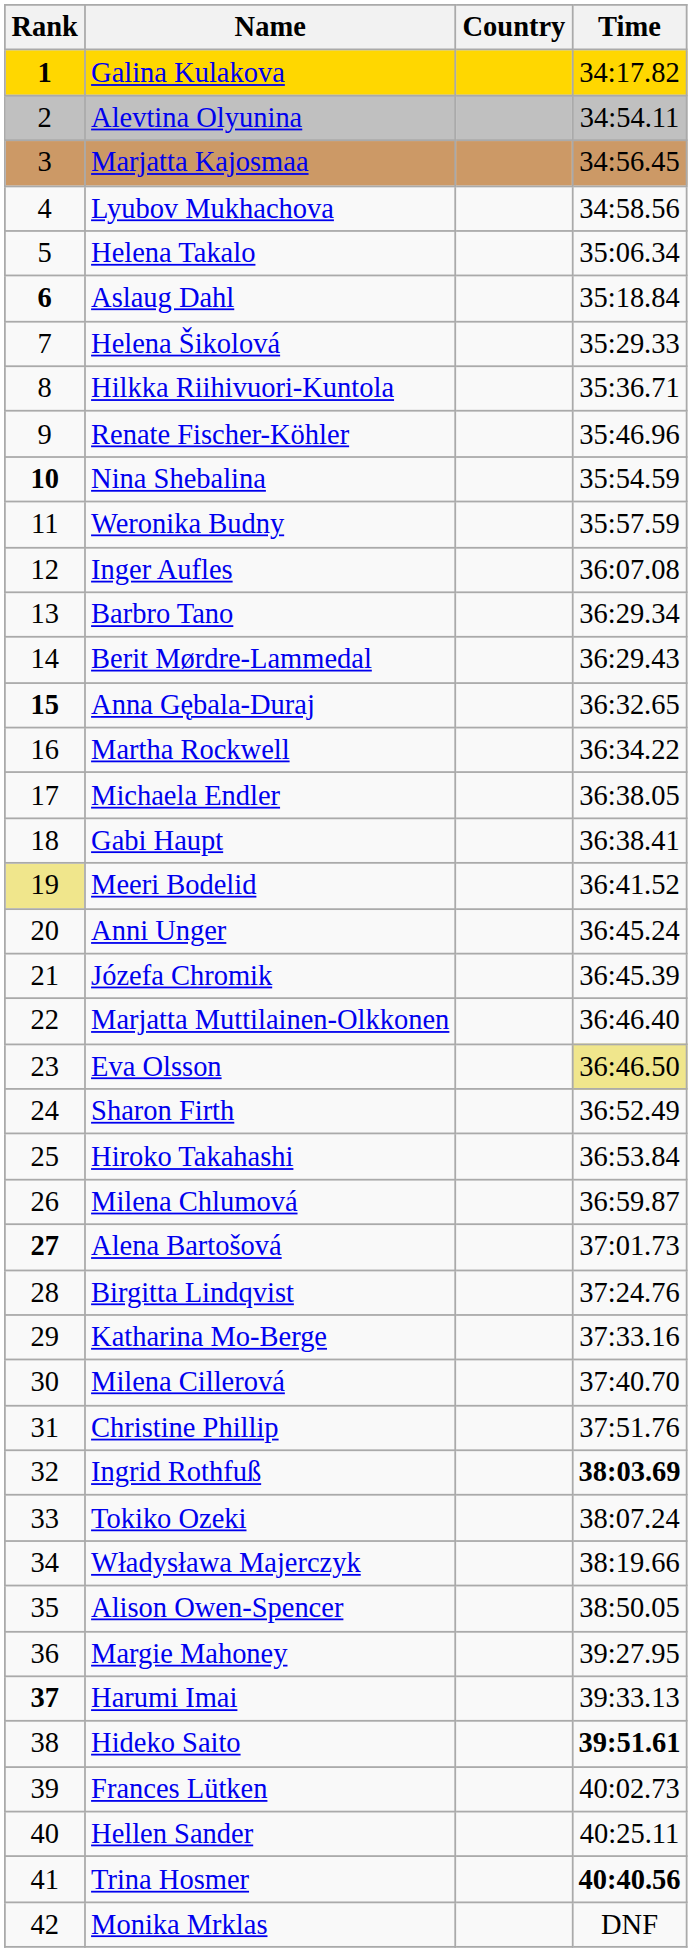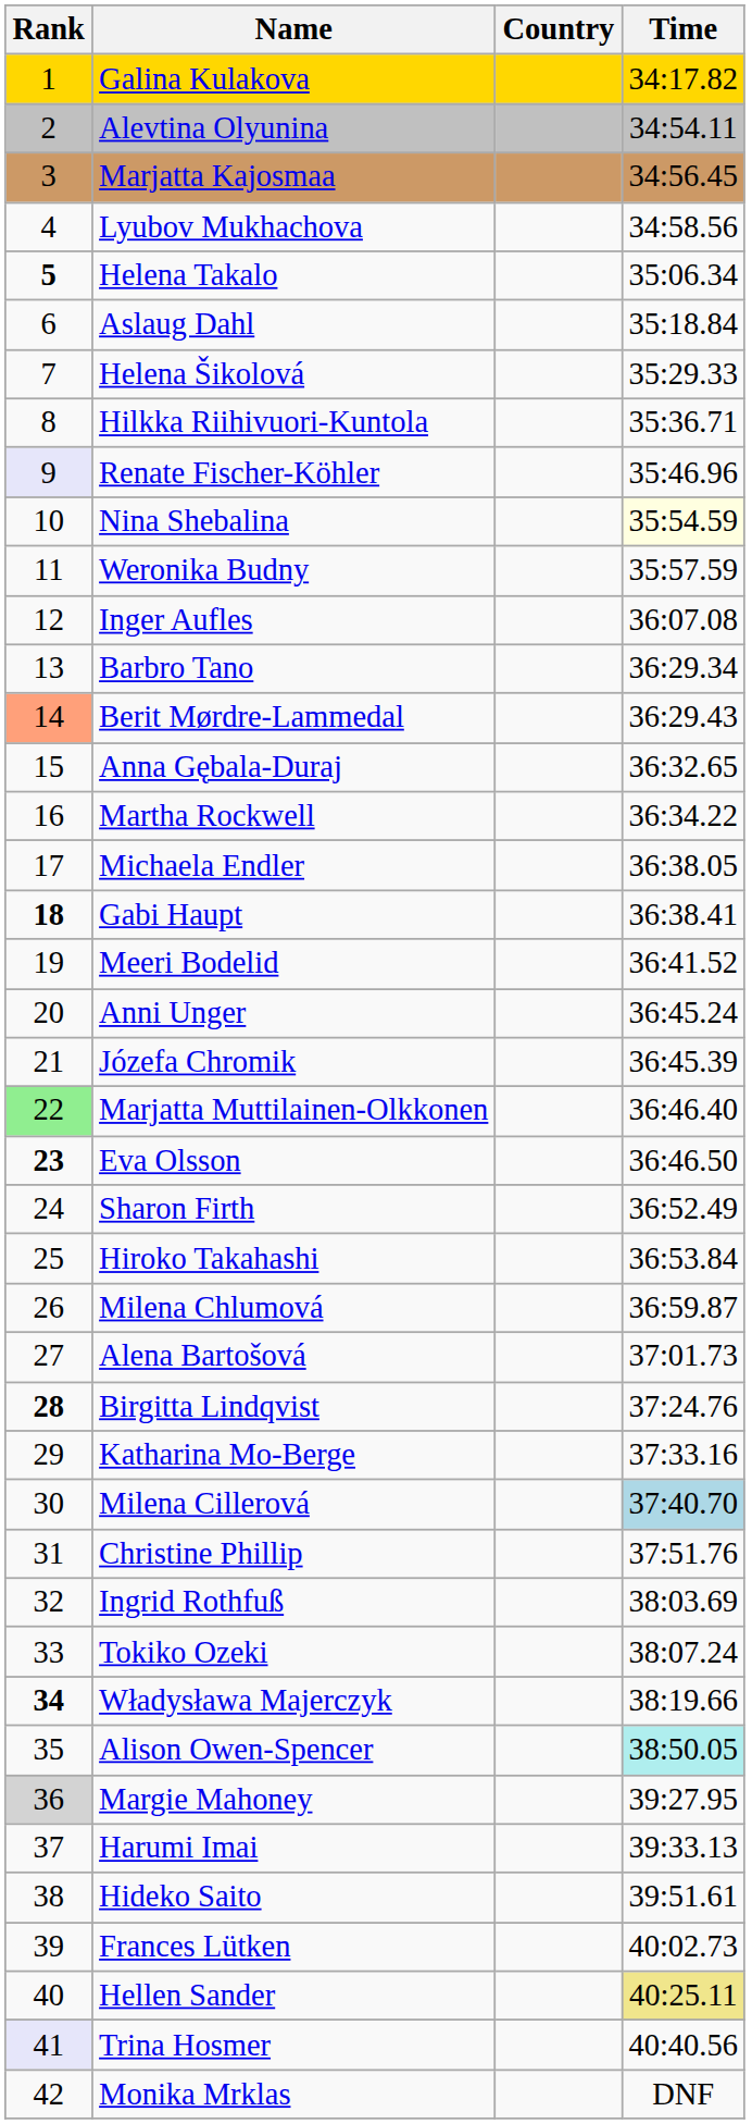 <table class="wikitable sortable" style="text-align:center">
 <tr>
 <th>Rank</th>
 <th>Name</th>
 <th>Country</th>
 <th>Time</th>
 </tr>
 <tr bgcolor=gold>
-<td><strong>1</strong></td>
+<td>1</td>
 <td align="left"><a href='#'>Galina Kulakova</a></td>
 <td align="left"></td>
 <td>34:17.82</td>
 </tr>
 <tr bgcolor=silver>
 <td>2</td>
 <td align="left"><a href='#'>Alevtina Olyunina</a></td>
 <td align="left"></td>
 <td>34:54.11</td>
 </tr>
 <tr bgcolor=#CC9966>
 <td>3</td>
 <td align="left"><a href='#'>Marjatta Kajosmaa</a></td>
 <td align="left"></td>
 <td>34:56.45</td>
 </tr>
 <tr>
 <td>4</td>
 <td align="left"><a href='#'>Lyubov Mukhachova</a></td>
 <td align="left"></td>
 <td>34:58.56</td>
 </tr>
 <tr>
-<td>5</td>
+<td><strong>5</strong></td>
 <td align="left"><a href='#'>Helena Takalo</a></td>
 <td align="left"></td>
 <td>35:06.34</td>
 </tr>
 <tr>
-<td><strong>6</strong></td>
+<td>6</td>
 <td align="left"><a href='#'>Aslaug Dahl</a></td>
 <td align="left"></td>
 <td>35:18.84</td>
 </tr>
 <tr>
 <td>7</td>
 <td align="left"><a href='#'>Helena Šikolová</a></td>
 <td align="left"></td>
 <td>35:29.33</td>
 </tr>
 <tr>
 <td>8</td>
 <td align="left"><a href='#'>Hilkka Riihivuori-Kuntola</a></td>
 <td align="left"></td>
 <td>35:36.71</td>
 </tr>
 <tr>
-<td>9</td>
+<td style="background: lavender;">9</td>
 <td align="left"><a href='#'>Renate Fischer-Köhler</a></td>
 <td align="left"></td>
 <td>35:46.96</td>
 </tr>
 <tr>
-<td><strong>10</strong></td>
+<td>10</td>
 <td align="left"><a href='#'>Nina Shebalina</a></td>
 <td align="left"></td>
-<td>35:54.59</td>
+<td style="background: lightyellow;">35:54.59</td>
 </tr>
 <tr>
 <td>11</td>
 <td align="left"><a href='#'>Weronika Budny</a></td>
 <td align="left"></td>
 <td>35:57.59</td>
 </tr>
 <tr>
 <td>12</td>
 <td align="left"><a href='#'>Inger Aufles</a></td>
 <td align="left"></td>
 <td>36:07.08</td>
 </tr>
 <tr>
 <td>13</td>
 <td align="left"><a href='#'>Barbro Tano</a></td>
 <td align="left"></td>
 <td>36:29.34</td>
 </tr>
 <tr>
-<td>14</td>
+<td style="background: lightsalmon;">14</td>
 <td align="left"><a href='#'>Berit Mørdre-Lammedal</a></td>
 <td align="left"></td>
 <td>36:29.43</td>
 </tr>
 <tr>
-<td><strong>15</strong></td>
+<td>15</td>
 <td align="left"><a href='#'>Anna Gębala-Duraj</a></td>
 <td align="left"></td>
 <td>36:32.65</td>
 </tr>
 <tr>
 <td>16</td>
 <td align="left"><a href='#'>Martha Rockwell</a></td>
 <td align="left"></td>
 <td>36:34.22</td>
 </tr>
 <tr>
 <td>17</td>
 <td align="left"><a href='#'>Michaela Endler</a></td>
 <td align="left"></td>
 <td>36:38.05</td>
 </tr>
 <tr>
-<td>18</td>
+<td><strong>18</strong></td>
 <td align="left"><a href='#'>Gabi Haupt</a></td>
 <td align="left"></td>
 <td>36:38.41</td>
 </tr>
 <tr>
-<td style="background: khaki;">19</td>
+<td>19</td>
 <td align="left"><a href='#'>Meeri Bodelid</a></td>
 <td align="left"></td>
 <td>36:41.52</td>
 </tr>
 <tr>
 <td>20</td>
 <td align="left"><a href='#'>Anni Unger</a></td>
 <td align="left"></td>
 <td>36:45.24</td>
 </tr>
 <tr>
 <td>21</td>
 <td align="left"><a href='#'>Józefa Chromik</a></td>
 <td align="left"></td>
 <td>36:45.39</td>
 </tr>
 <tr>
-<td>22</td>
+<td style="background: lightgreen;">22</td>
 <td align="left"><a href='#'>Marjatta Muttilainen-Olkkonen</a></td>
 <td align="left"></td>
 <td>36:46.40</td>
 </tr>
 <tr>
-<td>23</td>
+<td><strong>23</strong></td>
 <td align="left"><a href='#'>Eva Olsson</a></td>
 <td align="left"></td>
-<td style="background: khaki;">36:46.50</td>
+<td>36:46.50</td>
 </tr>
 <tr>
 <td>24</td>
 <td align="left"><a href='#'>Sharon Firth</a></td>
 <td align="left"></td>
 <td>36:52.49</td>
 </tr>
 <tr>
 <td>25</td>
 <td align="left"><a href='#'>Hiroko Takahashi</a></td>
 <td align="left"></td>
 <td>36:53.84</td>
 </tr>
 <tr>
 <td>26</td>
 <td align="left"><a href='#'>Milena Chlumová</a></td>
 <td align="left"></td>
 <td>36:59.87</td>
 </tr>
 <tr>
-<td><strong>27</strong></td>
+<td>27</td>
 <td align="left"><a href='#'>Alena Bartošová</a></td>
 <td align="left"></td>
 <td>37:01.73</td>
 </tr>
 <tr>
-<td>28</td>
+<td><strong>28</strong></td>
 <td align="left"><a href='#'>Birgitta Lindqvist</a></td>
 <td align="left"></td>
 <td>37:24.76</td>
 </tr>
 <tr>
 <td>29</td>
 <td align="left"><a href='#'>Katharina Mo-Berge</a></td>
 <td align="left"></td>
 <td>37:33.16</td>
 </tr>
 <tr>
 <td>30</td>
 <td align="left"><a href='#'>Milena Cillerová</a></td>
 <td align="left"></td>
-<td>37:40.70</td>
+<td style="background: lightblue;">37:40.70</td>
 </tr>
 <tr>
 <td>31</td>
 <td align="left"><a href='#'>Christine Phillip</a></td>
 <td align="left"></td>
 <td>37:51.76</td>
 </tr>
 <tr>
 <td>32</td>
 <td align="left"><a href='#'>Ingrid Rothfuß</a></td>
 <td align="left"></td>
-<td><strong>38:03.69</strong></td>
+<td>38:03.69</td>
 </tr>
 <tr>
 <td>33</td>
 <td align="left"><a href='#'>Tokiko Ozeki</a></td>
 <td align="left"></td>
 <td>38:07.24</td>
 </tr>
 <tr>
-<td>34</td>
+<td><strong>34</strong></td>
 <td align="left"><a href='#'>Władysława Majerczyk</a></td>
 <td align="left"></td>
 <td>38:19.66</td>
 </tr>
 <tr>
 <td>35</td>
 <td align="left"><a href='#'>Alison Owen-Spencer</a></td>
 <td align="left"></td>
-<td>38:50.05</td>
+<td style="background: paleturquoise;">38:50.05</td>
 </tr>
 <tr>
-<td>36</td>
+<td style="background: lightgrey;">36</td>
 <td align="left"><a href='#'>Margie Mahoney</a></td>
 <td align="left"></td>
 <td>39:27.95</td>
 </tr>
 <tr>
-<td><strong>37</strong></td>
+<td>37</td>
 <td align="left"><a href='#'>Harumi Imai</a></td>
 <td align="left"></td>
 <td>39:33.13</td>
 </tr>
 <tr>
 <td>38</td>
 <td align="left"><a href='#'>Hideko Saito</a></td>
 <td align="left"></td>
-<td><strong>39:51.61</strong></td>
+<td>39:51.61</td>
 </tr>
 <tr>
 <td>39</td>
 <td align="left"><a href='#'>Frances Lütken</a></td>
 <td align="left"></td>
 <td>40:02.73</td>
 </tr>
 <tr>
 <td>40</td>
 <td align="left"><a href='#'>Hellen Sander</a></td>
 <td align="left"></td>
-<td>40:25.11</td>
+<td style="background: khaki;">40:25.11</td>
 </tr>
 <tr>
-<td>41</td>
+<td style="background: lavender;">41</td>
 <td align="left"><a href='#'>Trina Hosmer</a></td>
 <td align="left"></td>
-<td><strong>40:40.56</strong></td>
+<td>40:40.56</td>
 </tr>
 <tr>
 <td>42</td>
 <td align="left"><a href='#'>Monika Mrklas</a></td>
 <td align="left"></td>
 <td>DNF</td>
 </tr>
 </table>
